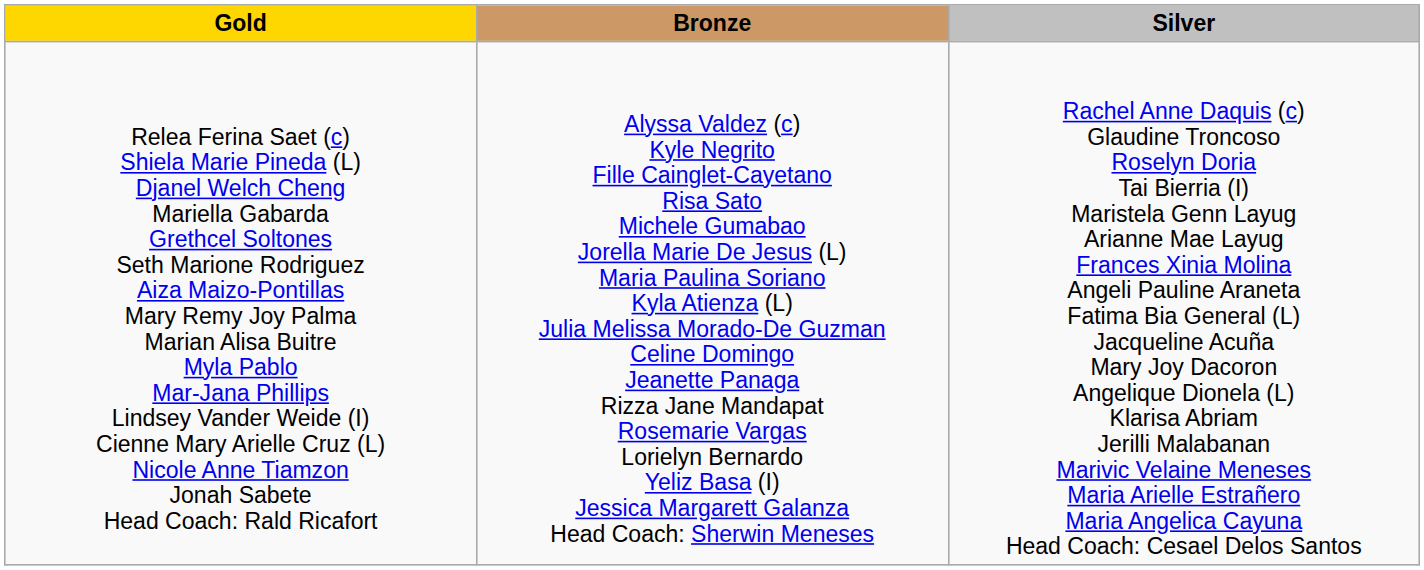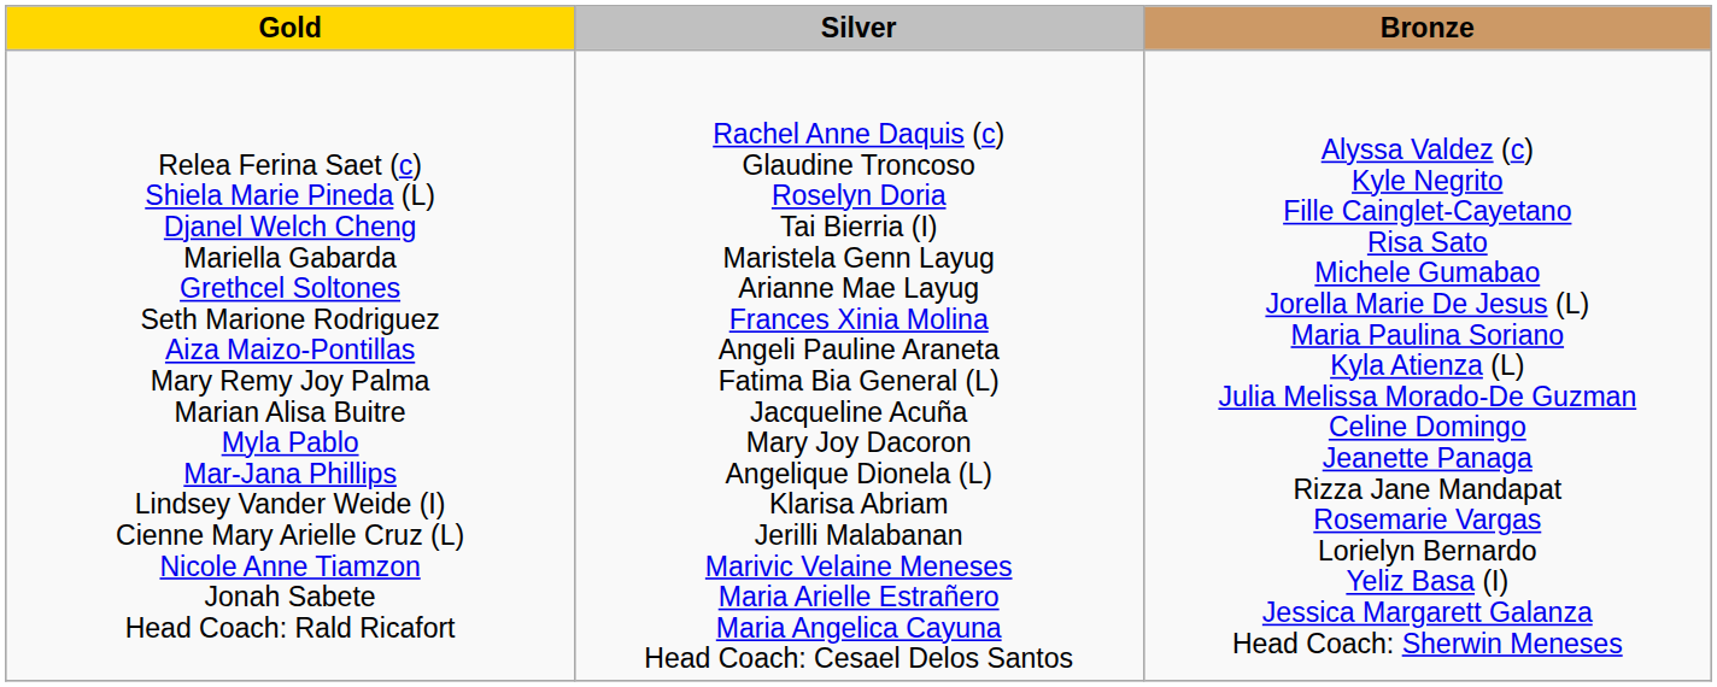 <table class="wikitable" style="text-align:center; font-size:90%">
 <tr>
 <th style="width:20em; background:gold">Gold</th>
+<th style="width:20em; background:silver">Silver</th>
 <th style="width:20em; background:#cc9966">Bronze</th>
-<th style="width:20em; background:silver">Silver</th>
 </tr>
 <tr>
 <td><br><br>Relea Ferina Saet (<a href='#'>c</a>)<br> <a href='#'>Shiela Marie Pineda</a> (L)<br> <a href='#'>Djanel Welch Cheng</a><br> Mariella Gabarda<br> <a href='#'>Grethcel Soltones</a><br> Seth Marione Rodriguez<br> <a href='#'>Aiza Maizo-Pontillas</a><br> Mary Remy Joy Palma<br> Marian Alisa Buitre<br> <a href='#'>Myla Pablo</a><br> <a href='#'>Mar-Jana Phillips</a><br> Lindsey Vander Weide (I)<br> Cienne Mary Arielle Cruz (L)<br> <a href='#'>Nicole Anne Tiamzon</a><br> Jonah Sabete<br>Head Coach: Rald Ricafort</td>
+<td><br><br><a href='#'>Rachel Anne Daquis</a> (<a href='#'>c</a>)<br> Glaudine Troncoso<br> <a href='#'>Roselyn Doria</a><br> Tai Bierria (I)<br> Maristela Genn Layug<br> Arianne Mae Layug<br> <a href='#'>Frances Xinia Molina</a><br> Angeli Pauline Araneta<br> Fatima Bia General (L)<br> Jacqueline Acuña<br> Mary Joy Dacoron<br> Angelique Dionela (L)<br> Klarisa Abriam<br> Jerilli Malabanan<br> <a href='#'>Marivic Velaine Meneses</a><br> <a href='#'>Maria Arielle Estrañero</a><br> <a href='#'>Maria Angelica Cayuna</a><br>Head Coach: Cesael Delos Santos</td>
 <td><br><br><a href='#'>Alyssa Valdez</a> (<a href='#'>c</a>)<br> <a href='#'>Kyle Negrito</a><br> <a href='#'>Fille Cainglet-Cayetano</a><br> <a href='#'>Risa Sato</a><br> <a href='#'>Michele Gumabao</a><br> <a href='#'>Jorella Marie De Jesus</a> (L)<br> <a href='#'>Maria Paulina Soriano</a><br> <a href='#'>Kyla Atienza</a> (L)<br> <a href='#'>Julia Melissa Morado-De Guzman</a><br> <a href='#'>Celine Domingo</a><br> <a href='#'>Jeanette Panaga</a><br> Rizza Jane Mandapat<br> <a href='#'>Rosemarie Vargas</a><br> Lorielyn Bernardo<br> <a href='#'>Yeliz Basa</a> (I)<br> <a href='#'>Jessica Margarett Galanza</a><br>Head Coach: <a href='#'>Sherwin Meneses</a></td>
-<td><br><br><a href='#'>Rachel Anne Daquis</a> (<a href='#'>c</a>)<br> Glaudine Troncoso<br> <a href='#'>Roselyn Doria</a><br> Tai Bierria (I)<br> Maristela Genn Layug<br> Arianne Mae Layug<br> <a href='#'>Frances Xinia Molina</a><br> Angeli Pauline Araneta<br> Fatima Bia General (L)<br> Jacqueline Acuña<br> Mary Joy Dacoron<br> Angelique Dionela (L)<br> Klarisa Abriam<br> Jerilli Malabanan<br> <a href='#'>Marivic Velaine Meneses</a><br> <a href='#'>Maria Arielle Estrañero</a><br> <a href='#'>Maria Angelica Cayuna</a><br>Head Coach: Cesael Delos Santos</td>
 </tr>
 </table>
